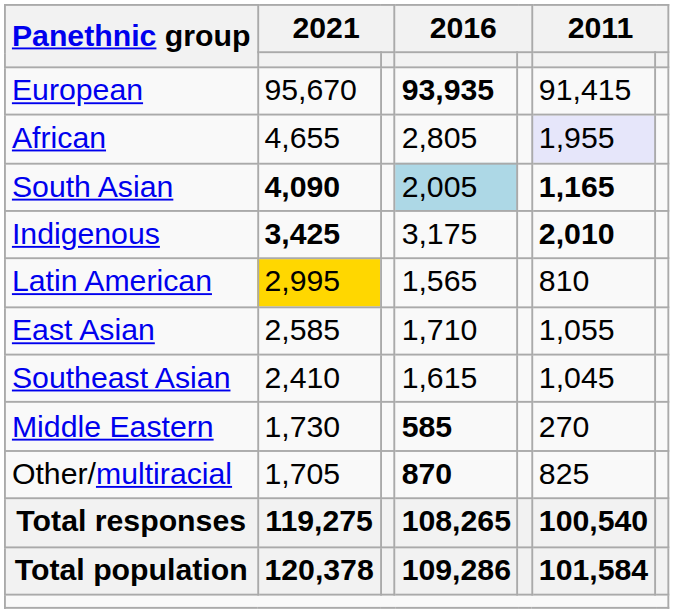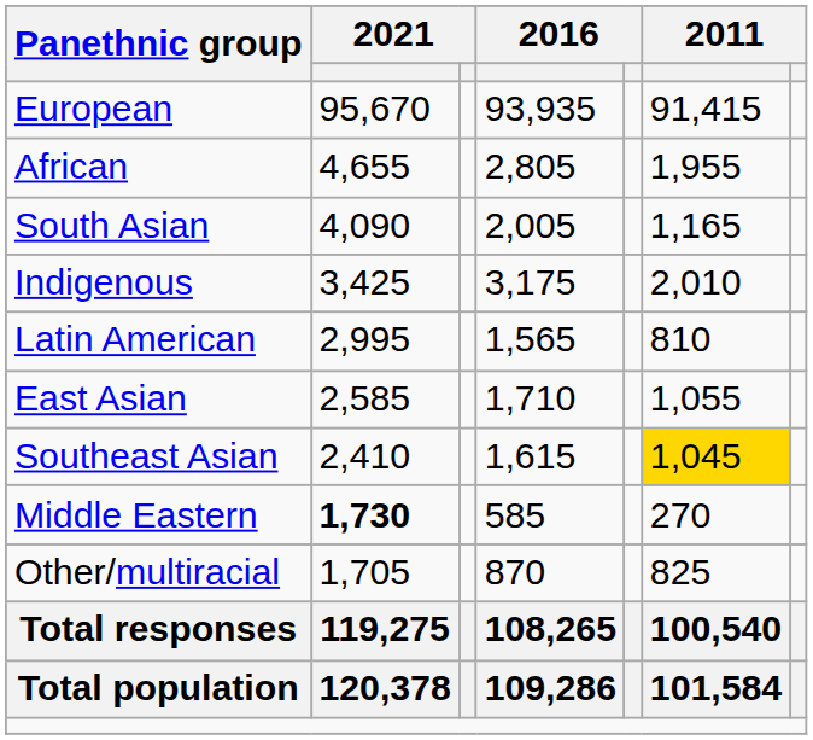 <table class="wikitable collapsible sortable">
 <tr>
 <th rowspan="2"><a href='#'>Panethnic</a> group</th>
 <th colspan="2">2021</th>
 <th colspan="2">2016</th>
 <th colspan="2">2011</th>
 </tr>
 <tr>
 <th><a href='#'></a></th>
 <th></th>
 <th></th>
 <th></th>
 <th></th>
 <th></th>
 </tr>
 <tr>
 <td><a href='#'>European</a></td>
 <td>95,670</td>
 <td></td>
-<td><strong>93,935</strong></td>
+<td>93,935</td>
 <td></td>
 <td>91,415</td>
 <td></td>
 </tr>
 <tr>
 <td><a href='#'>African</a></td>
 <td>4,655</td>
 <td></td>
 <td>2,805</td>
 <td></td>
-<td style="background: lavender;">1,955</td>
+<td>1,955</td>
 <td></td>
 </tr>
 <tr>
 <td><a href='#'>South Asian</a></td>
-<td><strong>4,090</strong></td>
+<td>4,090</td>
 <td></td>
-<td style="background: lightblue;">2,005</td>
+<td>2,005</td>
 <td></td>
-<td><strong>1,165</strong></td>
+<td>1,165</td>
 <td></td>
 </tr>
 <tr>
 <td><a href='#'>Indigenous</a></td>
-<td><strong>3,425</strong></td>
+<td>3,425</td>
 <td></td>
 <td>3,175</td>
 <td></td>
-<td><strong>2,010</strong></td>
+<td>2,010</td>
 <td></td>
 </tr>
 <tr>
 <td><a href='#'>Latin American</a></td>
-<td style="background: gold;">2,995</td>
+<td>2,995</td>
 <td></td>
 <td>1,565</td>
 <td></td>
 <td>810</td>
 <td></td>
 </tr>
 <tr>
 <td><a href='#'>East Asian</a></td>
 <td>2,585</td>
 <td></td>
 <td>1,710</td>
 <td></td>
 <td>1,055</td>
 <td></td>
 </tr>
 <tr>
 <td><a href='#'>Southeast Asian</a></td>
 <td>2,410</td>
 <td></td>
 <td>1,615</td>
 <td></td>
-<td>1,045</td>
+<td style="background: gold;">1,045</td>
 <td></td>
 </tr>
 <tr>
 <td><a href='#'>Middle Eastern</a></td>
-<td>1,730</td>
+<td><strong>1,730</strong></td>
 <td></td>
-<td><strong>585</strong></td>
+<td>585</td>
 <td></td>
 <td>270</td>
 <td></td>
 </tr>
 <tr>
 <td>Other/<a href='#'>multiracial</a></td>
 <td>1,705</td>
 <td></td>
-<td><strong>870</strong></td>
+<td>870</td>
 <td></td>
 <td>825</td>
 <td></td>
 </tr>
 <tr>
 <th>Total responses</th>
 <th>119,275</th>
 <th></th>
 <th>108,265</th>
 <th></th>
 <th>100,540</th>
 <th></th>
 </tr>
 <tr class="sortbottom">
 <th>Total population</th>
 <th>120,378</th>
 <th></th>
 <th>109,286</th>
 <th></th>
 <th>101,584</th>
 <th></th>
 </tr>
 <tr class="sortbottom">
 <td colspan="15"></td>
 </tr>
 </table>
